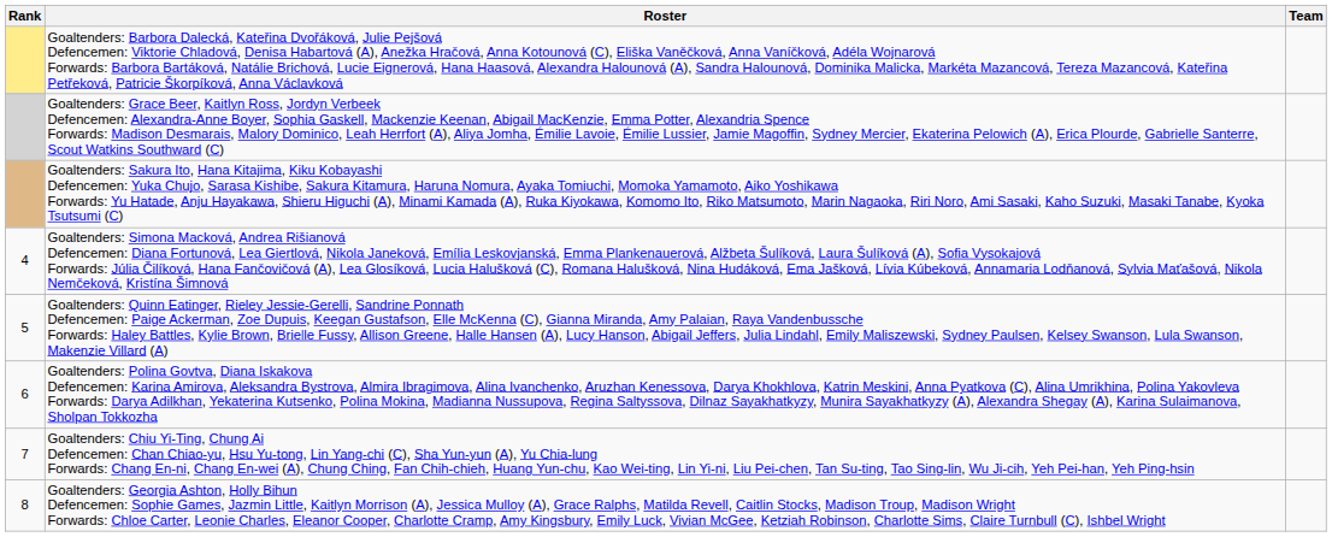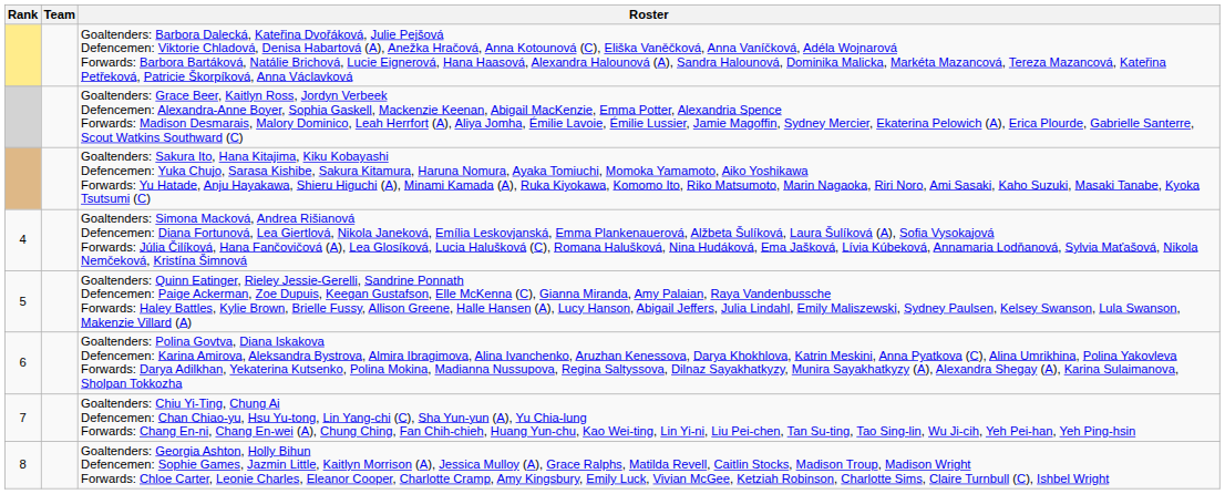 <table class="wikitable">
 <tr>
 <th>Rank</th>
+<th>Team</th>
 <th>Roster</th>
-<th>Team</th>
 </tr>
 <tr>
 <td bgcolor="#FFEC8B" align="center"></td>
+<td style="white-space:nowrap;"></td>
 <td style="text-size:90%">Goaltenders: <a href='#'>Barbora Dalecká</a>, <a href='#'>Kateřina Dvořáková</a>, <a href='#'>Julie Pejšová</a><br>Defencemen: <a href='#'>Viktorie Chladová</a>, <a href='#'>Denisa Habartová</a> (<a href='#'>A</a>), <a href='#'>Anežka Hračová</a>, <a href='#'>Anna Kotounová</a> (<a href='#'>C</a>), <a href='#'>Eliška Vaněčková</a>, <a href='#'>Anna Vaníčková</a>, <a href='#'>Adéla Wojnarová</a><br>Forwards: <a href='#'>Barbora Bartáková</a>, <a href='#'>Natálie Brichová</a>, <a href='#'>Lucie Eignerová</a>, <a href='#'>Hana Haasová</a>, <a href='#'>Alexandra Halounová</a> (<a href='#'>A</a>), <a href='#'>Sandra Halounová</a>, <a href='#'>Dominika Malicka</a>, <a href='#'>Markéta Mazancová</a>, <a href='#'>Tereza Mazancová</a>, <a href='#'>Kateřina Petřeková</a>, <a href='#'>Patricie Škorpíková</a>, <a href='#'>Anna Václavková</a><br></td>
-<td style="white-space:nowrap;"></td>
 </tr>
 <tr>
 <td bgcolor="#D3D3D3" align="center"></td>
+<td style="white-space:nowrap;"></td>
 <td style="text-size:90%">Goaltenders: <a href='#'>Grace Beer</a>, <a href='#'>Kaitlyn Ross</a>, <a href='#'>Jordyn Verbeek</a><br>Defencemen: <a href='#'>Alexandra-Anne Boyer</a>, <a href='#'>Sophia Gaskell</a>, <a href='#'>Mackenzie Keenan</a>, <a href='#'>Abigail MacKenzie</a>, <a href='#'>Emma Potter</a>, <a href='#'>Alexandria Spence</a><br>Forwards: <a href='#'>Madison Desmarais</a>, <a href='#'>Malory Dominico</a>, <a href='#'>Leah Herrfort</a> (<a href='#'>A</a>), <a href='#'>Aliya Jomha</a>, <a href='#'>Émilie Lavoie</a>, <a href='#'>Émilie Lussier</a>, <a href='#'>Jamie Magoffin</a>, <a href='#'>Sydney Mercier</a>, <a href='#'>Ekaterina Pelowich</a> (<a href='#'>A</a>), <a href='#'>Erica Plourde</a>, <a href='#'>Gabrielle Santerre</a>, <a href='#'>Scout Watkins Southward</a> (<a href='#'>C</a>)<br></td>
-<td style="white-space:nowrap;"></td>
 </tr>
 <tr>
 <td bgcolor="#DEB887" align="center"></td>
+<td style="white-space:nowrap;"></td>
 <td style="text-size:90%">Goaltenders: <a href='#'>Sakura Ito</a>, <a href='#'>Hana Kitajima</a>, <a href='#'>Kiku Kobayashi</a><br>Defencemen: <a href='#'>Yuka Chujo</a>, <a href='#'>Sarasa Kishibe</a>, <a href='#'>Sakura Kitamura</a>, <a href='#'>Haruna Nomura</a>, <a href='#'>Ayaka Tomiuchi</a>, <a href='#'>Momoka Yamamoto</a>, <a href='#'>Aiko Yoshikawa</a><br>Forwards: <a href='#'>Yu Hatade</a>, <a href='#'>Anju Hayakawa</a>, <a href='#'>Shieru Higuchi</a> (<a href='#'>A</a>), <a href='#'>Minami Kamada</a> (<a href='#'>A</a>), <a href='#'>Ruka Kiyokawa</a>, <a href='#'>Komomo Ito</a>, <a href='#'>Riko Matsumoto</a>, <a href='#'>Marin Nagaoka</a>, <a href='#'>Riri Noro</a>, <a href='#'>Ami Sasaki</a>, <a href='#'>Kaho Suzuki</a>, <a href='#'>Masaki Tanabe</a>, <a href='#'>Kyoka Tsutsumi</a> (<a href='#'>C</a>)<br></td>
-<td style="white-space:nowrap;"></td>
 </tr>
 <tr>
 <td align="center">4</td>
+<td style="white-space:nowrap;"></td>
 <td style="text-size:90%">Goaltenders: <a href='#'>Simona Macková</a>, <a href='#'>Andrea Rišianová</a><br>Defencemen: <a href='#'>Diana Fortunová</a>, <a href='#'>Lea Giertlová</a>, <a href='#'>Nikola Janeková</a>, <a href='#'>Emília Leskovjanská</a>, <a href='#'>Emma Plankenauerová</a>, <a href='#'>Alžbeta Šulíková</a>, <a href='#'>Laura Šulíková</a> (<a href='#'>A</a>), <a href='#'>Sofia Vysokajová</a><br>Forwards: <a href='#'>Júlia Čilíková</a>, <a href='#'>Hana Fančovičová</a> (<a href='#'>A</a>), <a href='#'>Lea Glosíková</a>, <a href='#'>Lucia Halušková</a> (<a href='#'>C</a>), <a href='#'>Romana Halušková</a>, <a href='#'>Nina Hudáková</a>, <a href='#'>Ema Jašková</a>, <a href='#'>Lívia Kúbeková</a>, <a href='#'>Annamaria Lodňanová</a>, <a href='#'>Sylvia Maťašová</a>, <a href='#'>Nikola Nemčeková</a>, <a href='#'>Kristína Šimnová</a><br></td>
-<td style="white-space:nowrap;"></td>
 </tr>
 <tr>
 <td align="center">5</td>
+<td style="white-space:nowrap;"></td>
 <td style="text-size:90%">Goaltenders: <a href='#'>Quinn Eatinger</a>, <a href='#'>Rieley Jessie-Gerelli</a>, <a href='#'>Sandrine Ponnath</a><br>Defencemen: <a href='#'>Paige Ackerman</a>, <a href='#'>Zoe Dupuis</a>, <a href='#'>Keegan Gustafson</a>, <a href='#'>Elle McKenna</a> (<a href='#'>C</a>), <a href='#'>Gianna Miranda</a>, <a href='#'>Amy Palaian</a>, <a href='#'>Raya Vandenbussche</a><br>Forwards: <a href='#'>Haley Battles</a>, <a href='#'>Kylie Brown</a>, <a href='#'>Brielle Fussy</a>, <a href='#'>Allison Greene</a>, <a href='#'>Halle Hansen</a> (<a href='#'>A</a>), <a href='#'>Lucy Hanson</a>, <a href='#'>Abigail Jeffers</a>, <a href='#'>Julia Lindahl</a>, <a href='#'>Emily Maliszewski</a>, <a href='#'>Sydney Paulsen</a>, <a href='#'>Kelsey Swanson</a>, <a href='#'>Lula Swanson</a>, <a href='#'>Makenzie Villard</a> (<a href='#'>A</a>)<br></td>
-<td style="white-space:nowrap;"></td>
 </tr>
 <tr>
 <td align="center">6</td>
+<td style="white-space:nowrap;"></td>
 <td style="text-size:90%">Goaltenders: <a href='#'>Polina Govtva</a>, <a href='#'>Diana Iskakova</a><br>Defencemen: <a href='#'>Karina Amirova</a>, <a href='#'>Aleksandra Bystrova</a>, <a href='#'>Almira Ibragimova</a>, <a href='#'>Alina Ivanchenko</a>, <a href='#'>Aruzhan Kenessova</a>, <a href='#'>Darya Khokhlova</a>, <a href='#'>Katrin Meskini</a>, <a href='#'>Anna Pyatkova</a> (<a href='#'>C</a>), <a href='#'>Alina Umrikhina</a>, <a href='#'>Polina Yakovleva</a><br>Forwards: <a href='#'>Darya Adilkhan</a>, <a href='#'>Yekaterina Kutsenko</a>, <a href='#'>Polina Mokina</a>, <a href='#'>Madianna Nussupova</a>, <a href='#'>Regina Saltyssova</a>, <a href='#'>Dilnaz Sayakhatkyzy</a>, <a href='#'>Munira Sayakhatkyzy</a> (<a href='#'>A</a>), <a href='#'>Alexandra Shegay</a> (<a href='#'>A</a>), <a href='#'>Karina Sulaimanova</a>, <a href='#'>Sholpan Tokkozha</a><br></td>
-<td style="white-space:nowrap;"></td>
 </tr>
 <tr>
 <td align="center">7</td>
+<td style="white-space:nowrap;"></td>
 <td style="text-size:90%">Goaltenders: <a href='#'>Chiu Yi-Ting</a>, <a href='#'>Chung Ai</a><br>Defencemen: <a href='#'>Chan Chiao-yu</a>, <a href='#'>Hsu Yu-tong</a>, <a href='#'>Lin Yang-chi</a> (<a href='#'>C</a>), <a href='#'>Sha Yun-yun</a> (<a href='#'>A</a>), <a href='#'>Yu Chia-lung</a><br>Forwards: <a href='#'>Chang En-ni</a>, <a href='#'>Chang En-wei</a> (<a href='#'>A</a>), <a href='#'>Chung Ching</a>, <a href='#'>Fan Chih-chieh</a>, <a href='#'>Huang Yun-chu</a>, <a href='#'>Kao Wei-ting</a>, <a href='#'>Lin Yi-ni</a>, <a href='#'>Liu Pei-chen</a>, <a href='#'>Tan Su-ting</a>, <a href='#'>Tao Sing-lin</a>, <a href='#'>Wu Ji-cih</a>, <a href='#'>Yeh Pei-han</a>, <a href='#'>Yeh Ping-hsin</a><br></td>
-<td style="white-space:nowrap;"></td>
 </tr>
 <tr>
 <td align="center">8</td>
+<td style="white-space:nowrap;"></td>
 <td style="text-size:90%">Goaltenders: <a href='#'>Georgia Ashton</a>, <a href='#'>Holly Bihun</a><br>Defencemen: <a href='#'>Sophie Games</a>, <a href='#'>Jazmin Little</a>, <a href='#'>Kaitlyn Morrison</a> (<a href='#'>A</a>), <a href='#'>Jessica Mulloy</a> (<a href='#'>A</a>), <a href='#'>Grace Ralphs</a>, <a href='#'>Matilda Revell</a>, <a href='#'>Caitlin Stocks</a>, <a href='#'>Madison Troup</a>, <a href='#'>Madison Wright</a><br>Forwards: <a href='#'>Chloe Carter</a>, <a href='#'>Leonie Charles</a>, <a href='#'>Eleanor Cooper</a>, <a href='#'>Charlotte Cramp</a>, <a href='#'>Amy Kingsbury</a>, <a href='#'>Emily Luck</a>, <a href='#'>Vivian McGee</a>, <a href='#'>Ketziah Robinson</a>, <a href='#'>Charlotte Sims</a>, <a href='#'>Claire Turnbull</a> (<a href='#'>C</a>), <a href='#'>Ishbel Wright</a><br></td>
-<td style="white-space:nowrap;"></td>
 </tr>
 </table>
